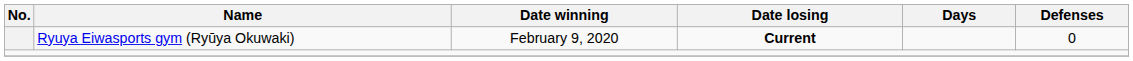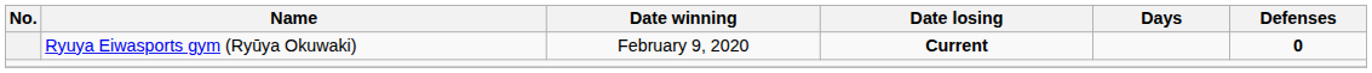 <table class="wikitable" width=100%>
 <tr>
 <th style="width:1%;">No.</th>
 <th style="width:37%;">Name</th>
 <th style="width:20%;">Date winning</th>
 <th style="width:20%;">Date losing</th>
 <th data-sort-type="number" style="width:10%;">Days</th>
 <th data-sort-type="number" style="width:10%;">Defenses</th>
 </tr>
 <tr align=center>
 <th></th>
 <td align=left> <a href='#'>Ryuya Eiwasports gym</a> (Ryūya Okuwaki)</td>
 <td>February 9, 2020</td>
 <td><strong>Current</strong></td>
 <td></td>
-<td>0</td>
+<td><strong>0</strong></td>
 </tr>
 <tr>
 <td colspan="6"></td>
 </tr>
 <tr>
 </tr>
 </table>
